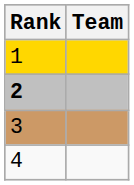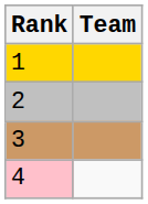 <table class="wikitable">
 <tr>
 <th>Rank</th>
 <th>Team</th>
 </tr>
 <tr style="background:gold;">
 <td>1</td>
 <td></td>
 </tr>
 <tr style="background:silver;">
-<td><strong>2</strong></td>
+<td>2</td>
 <td></td>
 </tr>
 <tr style="background:#c96;">
 <td>3</td>
 <td></td>
 </tr>
 <tr>
-<td>4</td>
+<td style="background: pink;">4</td>
 <td></td>
 </tr>
 </table>
